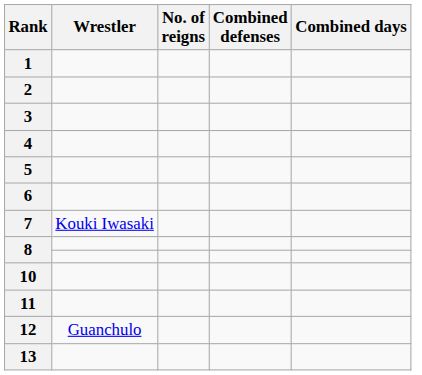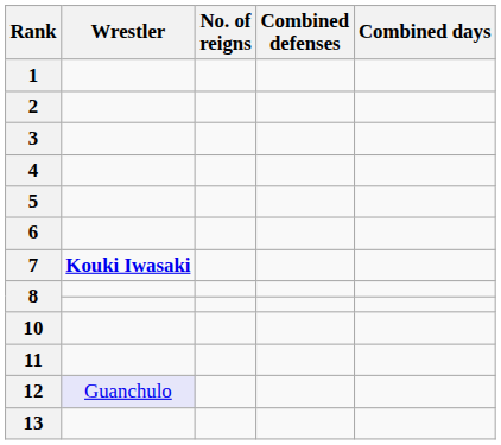 <table class="wikitable sortable" style="text-align: center">
 <tr>
 <th>Rank</th>
 <th>Wrestler</th>
 <th>No. of<br>reigns</th>
 <th>Combined <br>defenses</th>
 <th>Combined days</th>
 </tr>
 <tr>
 <th>1</th>
 <td></td>
 <td></td>
 <td></td>
 <td></td>
 </tr>
 <tr>
 <th>2</th>
 <td></td>
 <td></td>
 <td></td>
 <td></td>
 </tr>
 <tr>
 <th>3</th>
 <td></td>
 <td></td>
 <td></td>
 <td></td>
 </tr>
 <tr>
 <th>4</th>
 <td></td>
 <td></td>
 <td></td>
 <td></td>
 </tr>
 <tr>
 <th>5</th>
 <td></td>
 <td></td>
 <td></td>
 <td></td>
 </tr>
 <tr>
 <th>6</th>
 <td></td>
 <td></td>
 <td></td>
 <td></td>
 </tr>
 <tr>
 <th>7</th>
-<td><a href='#'>Kouki Iwasaki</a></td>
+<td><strong><a href='#'>Kouki Iwasaki</a></strong></td>
 <td></td>
 <td></td>
 <td></td>
 </tr>
 <tr>
 <th rowspan=2>8</th>
 <td></td>
 <td></td>
 <td></td>
 <td></td>
 </tr>
 <tr>
 <td></td>
 <td></td>
 <td></td>
 <td></td>
 </tr>
 <tr>
 <th>10</th>
 <td></td>
 <td></td>
 <td></td>
 <td></td>
 </tr>
 <tr>
 <th>11</th>
 <td></td>
 <td></td>
 <td></td>
 <td></td>
 </tr>
 <tr>
 <th>12</th>
-<td><a href='#'>Guanchulo</a></td>
+<td style="background: lavender;"><a href='#'>Guanchulo</a></td>
 <td></td>
 <td></td>
 <td></td>
 </tr>
 <tr>
 <th>13</th>
 <td></td>
 <td></td>
 <td></td>
 <td></td>
 </tr>
 </table>
